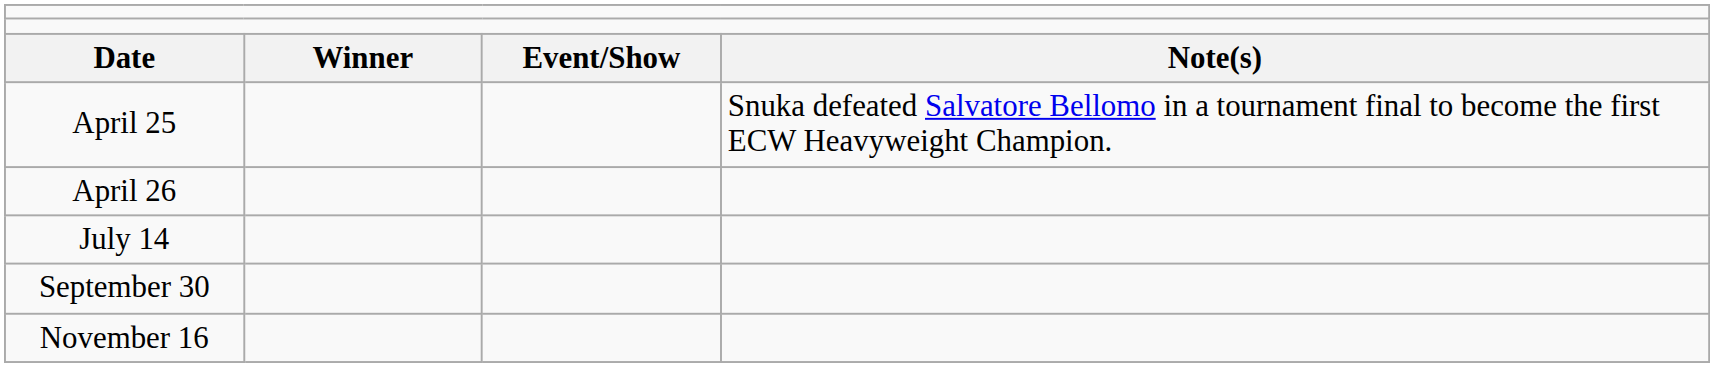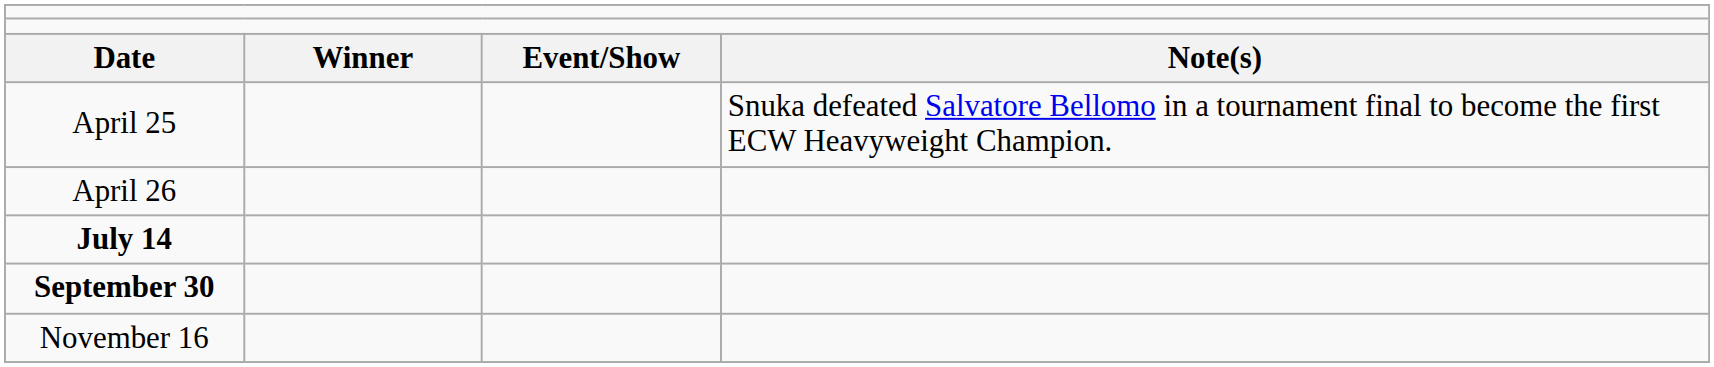 <table class="wikitable" style="text-align:center; width:100%;">
 <tr>
 <td colspan="5"></td>
 </tr>
 <tr>
 <td colspan="5"><strong></strong></td>
 </tr>
 <tr>
 <th width="14%">Date</th>
 <th width="14%">Winner</th>
 <th width="14%">Event/Show</th>
 <th width="58%">Note(s)</th>
 </tr>
 <tr>
 <td>April 25</td>
 <td></td>
 <td></td>
 <td align="left">Snuka defeated <a href='#'>Salvatore Bellomo</a> in a tournament final to become the first ECW Heavyweight Champion.</td>
 </tr>
 <tr>
 <td>April 26</td>
 <td></td>
 <td></td>
 <td align="left"></td>
 </tr>
 <tr>
-<td>July 14</td>
+<td><strong>July 14</strong></td>
 <td></td>
 <td></td>
 <td align="left"></td>
 </tr>
 <tr>
-<td>September 30</td>
+<td><strong>September 30</strong></td>
 <td></td>
 <td></td>
 <td align="left"></td>
 </tr>
 <tr>
 <td>November 16</td>
 <td></td>
 <td></td>
 <td align="left"></td>
 </tr>
 </table>
